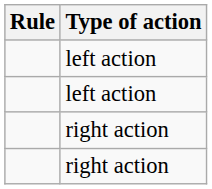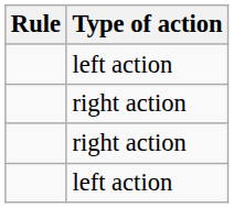 <table class="wikitable" style="margin: 1em auto 1em auto;">
 <tr>
 <th>Rule</th>
 <th>Type of action</th>
-</tr>
-<tr>
-<td></td>
-<td>left action</td>
 </tr>
 <tr>
 <td></td>
 <td>left action</td>
 </tr>
 <tr>
 <td></td>
 <td>right action</td>
 </tr>
 <tr>
 <td></td>
 <td>right action</td>
 </tr>
+<tr>
+<td></td>
+<td>left action</td>
+</tr>
 </table>
